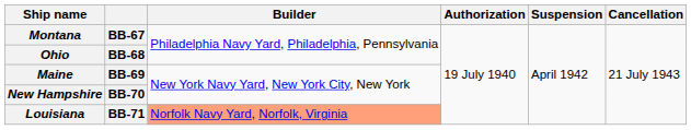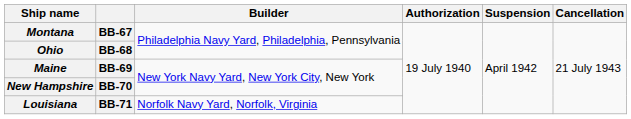 <table class="wikitable plainrowheaders">
 <tr>
 <th scope="col">Ship name</th>
 <th scope="col"></th>
 <th scope="col">Builder</th>
 <th scope="col">Authorization</th>
 <th scope="col">Suspension</th>
 <th scope="col">Cancellation</th>
 </tr>
 <tr>
 <th scope="row"><em>Montana</em></th>
 <th scope="row">BB-67</th>
 <td rowspan="2"><a href='#'>Philadelphia Navy Yard</a>, <a href='#'>Philadelphia</a>, Pennsylvania</td>
 <td rowspan="5">19 July 1940</td>
 <td rowspan="5">April 1942</td>
 <td rowspan="5">21 July 1943</td>
 </tr>
 <tr>
 <th scope="row"><em>Ohio</em></th>
 <th scope="row">BB-68</th>
 </tr>
 <tr>
 <th scope="row"><em>Maine</em></th>
 <th scope="row">BB-69</th>
 <td rowspan="2"><a href='#'>New York Navy Yard</a>, <a href='#'>New York City</a>, New York</td>
 </tr>
 <tr>
 <th scope="row"><em>New Hampshire</em></th>
 <th scope="row">BB-70</th>
 </tr>
 <tr>
 <th scope="row"><em>Louisiana</em></th>
 <th scope="row">BB-71</th>
-<td style="background: lightsalmon;"><a href='#'>Norfolk Navy Yard</a>, <a href='#'>Norfolk, Virginia</a></td>
+<td><a href='#'>Norfolk Navy Yard</a>, <a href='#'>Norfolk, Virginia</a></td>
 </tr>
 </table>
